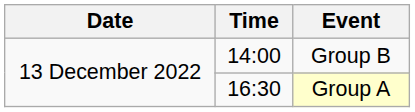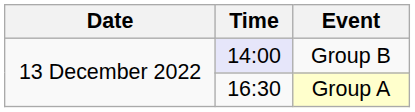 <table class = "wikitable" style="text-align:center;">
 <tr>
 <th width=150>Date</th>
 <th width=50>Time</th>
 <th width=80>Event</th>
 </tr>
 <tr>
 <td rowspan=2>13 December 2022</td>
-<td>14:00</td>
+<td style="background: lavender;">14:00</td>
 <td>Group B</td>
 </tr>
 <tr>
 <td>16:30</td>
 <td bgcolor=ffffcc>Group A</td>
 </tr>
 </table>
